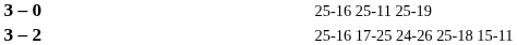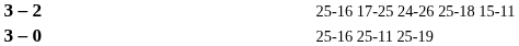 <table>
 <tr>
 <th width=200></th>
 <th width=80></th>
 <th width=200></th>
 <th width=220></th>
 </tr>
 <tr>
 <td align=right><strong></strong></td>
+<td align=center><strong>3 – 2</strong></td>
+<td></td>
+<td><small>25-16 17-25 24-26 25-18 15-11</small></td>
+</tr>
+<tr>
+<td align=right><strong></strong></td>
 <td align=center><strong>3 – 0</strong></td>
 <td></td>
 <td><small>25-16 25-11 25-19</small></td>
 </tr>
-<tr>
-<td align=right><strong></strong></td>
-<td align=center><strong>3 – 2</strong></td>
-<td></td>
-<td><small>25-16 17-25 24-26 25-18 15-11</small></td>
-</tr>
 </table>
